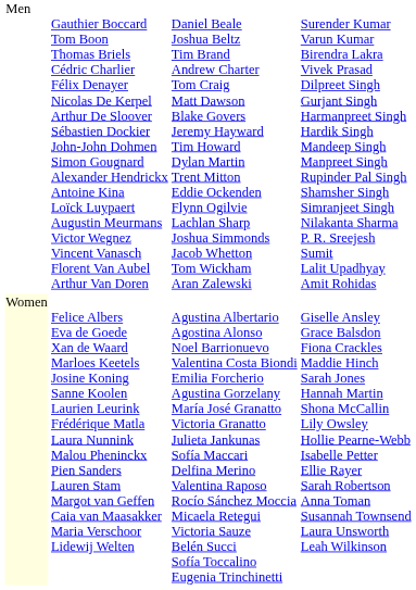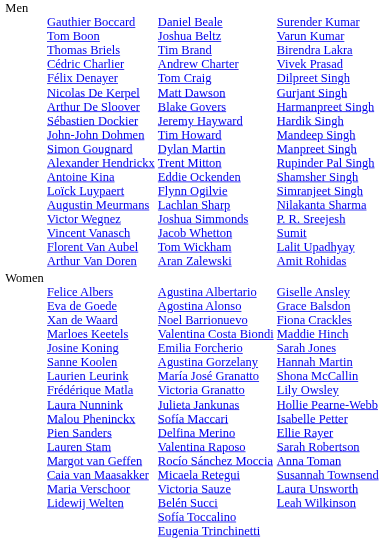 <table>
 <tr valign="top">
 <td>Men<br></td>
 <td><br><a href='#'>Gauthier Boccard</a><br><a href='#'>Tom Boon</a><br><a href='#'>Thomas Briels</a><br><a href='#'>Cédric Charlier</a><br><a href='#'>Félix Denayer</a><br><a href='#'>Nicolas De Kerpel</a><br><a href='#'>Arthur De Sloover</a><br><a href='#'>Sébastien Dockier</a><br><a href='#'>John-John Dohmen</a><br><a href='#'>Simon Gougnard</a><br><a href='#'>Alexander Hendrickx</a><br><a href='#'>Antoine Kina</a><br><a href='#'>Loïck Luypaert</a><br><a href='#'>Augustin Meurmans</a><br><a href='#'>Victor Wegnez</a><br><a href='#'>Vincent Vanasch</a><br><a href='#'>Florent Van Aubel</a><br><a href='#'>Arthur Van Doren</a></td>
 <td><br><a href='#'>Daniel Beale</a><br><a href='#'>Joshua Beltz</a><br><a href='#'>Tim Brand</a><br><a href='#'>Andrew Charter</a><br><a href='#'>Tom Craig</a><br><a href='#'>Matt Dawson</a><br><a href='#'>Blake Govers</a><br><a href='#'>Jeremy Hayward</a><br><a href='#'>Tim Howard</a><br><a href='#'>Dylan Martin</a><br><a href='#'>Trent Mitton</a><br><a href='#'>Eddie Ockenden</a><br><a href='#'>Flynn Ogilvie</a><br><a href='#'>Lachlan Sharp</a><br><a href='#'>Joshua Simmonds</a><br><a href='#'>Jacob Whetton</a><br><a href='#'>Tom Wickham</a><br><a href='#'>Aran Zalewski</a></td>
 <td><br><a href='#'>Surender Kumar</a><br><a href='#'>Varun Kumar</a><br><a href='#'>Birendra Lakra</a><br><a href='#'>Vivek Prasad</a><br><a href='#'>Dilpreet Singh</a><br><a href='#'>Gurjant Singh</a><br><a href='#'>Harmanpreet Singh</a><br><a href='#'>Hardik Singh</a><br><a href='#'>Mandeep Singh</a><br><a href='#'>Manpreet Singh</a><br><a href='#'>Rupinder Pal Singh</a><br><a href='#'>Shamsher Singh</a><br><a href='#'>Simranjeet Singh</a><br><a href='#'>Nilakanta Sharma</a><br><a href='#'>P. R. Sreejesh</a><br><a href='#'>Sumit</a><br><a href='#'>Lalit Upadhyay</a><br><a href='#'>Amit Rohidas</a></td>
 </tr>
 <tr valign="top">
-<td style="background: lightyellow;">Women<br></td>
+<td>Women<br></td>
 <td><br><a href='#'>Felice Albers</a><br><a href='#'>Eva de Goede</a><br><a href='#'>Xan de Waard</a><br><a href='#'>Marloes Keetels</a><br><a href='#'>Josine Koning</a><br><a href='#'>Sanne Koolen</a><br><a href='#'>Laurien Leurink</a><br><a href='#'>Frédérique Matla</a><br><a href='#'>Laura Nunnink</a><br><a href='#'>Malou Pheninckx</a><br><a href='#'>Pien Sanders</a><br><a href='#'>Lauren Stam</a><br><a href='#'>Margot van Geffen</a><br><a href='#'>Caia van Maasakker</a><br><a href='#'>Maria Verschoor</a><br><a href='#'>Lidewij Welten</a></td>
 <td><br><a href='#'>Agustina Albertario</a><br><a href='#'>Agostina Alonso</a><br><a href='#'>Noel Barrionuevo</a><br><a href='#'>Valentina Costa Biondi</a><br><a href='#'>Emilia Forcherio</a><br><a href='#'>Agustina Gorzelany</a><br><a href='#'>María José Granatto</a><br><a href='#'>Victoria Granatto</a><br><a href='#'>Julieta Jankunas</a><br><a href='#'>Sofía Maccari</a><br><a href='#'>Delfina Merino</a><br><a href='#'>Valentina Raposo</a><br><a href='#'>Rocío Sánchez Moccia</a><br><a href='#'>Micaela Retegui</a><br><a href='#'>Victoria Sauze</a><br><a href='#'>Belén Succi</a><br><a href='#'>Sofía Toccalino</a><br><a href='#'>Eugenia Trinchinetti</a></td>
 <td><br><a href='#'>Giselle Ansley</a><br><a href='#'>Grace Balsdon</a><br><a href='#'>Fiona Crackles</a><br><a href='#'>Maddie Hinch</a><br><a href='#'>Sarah Jones</a><br><a href='#'>Hannah Martin</a><br><a href='#'>Shona McCallin</a><br><a href='#'>Lily Owsley</a><br><a href='#'>Hollie Pearne-Webb</a><br><a href='#'>Isabelle Petter</a><br><a href='#'>Ellie Rayer</a><br><a href='#'>Sarah Robertson</a><br><a href='#'>Anna Toman</a><br><a href='#'>Susannah Townsend</a><br><a href='#'>Laura Unsworth</a><br><a href='#'>Leah Wilkinson</a></td>
 </tr>
 </table>
